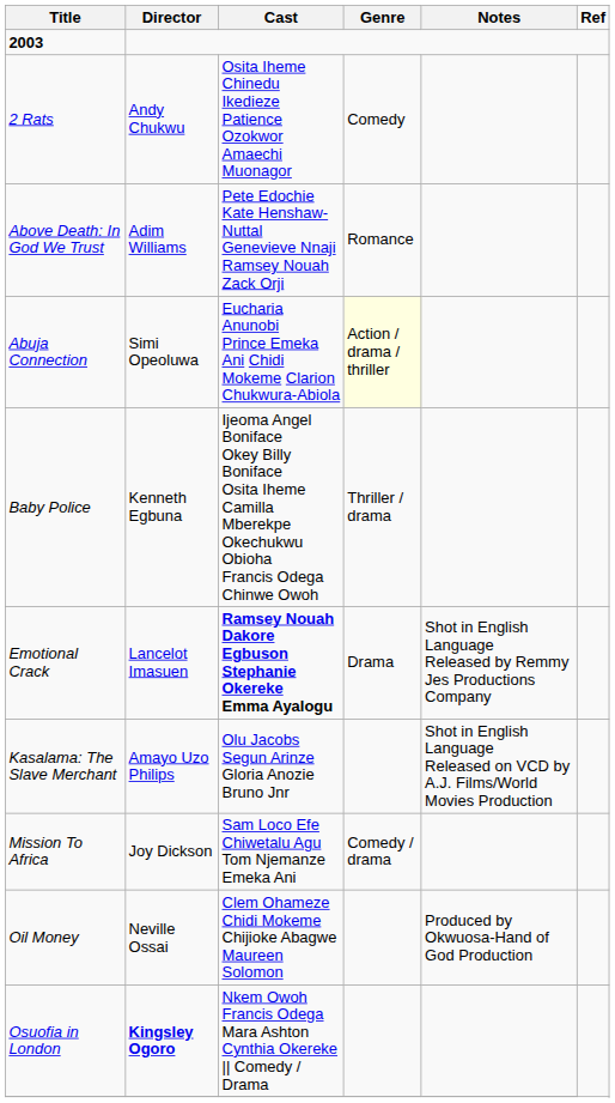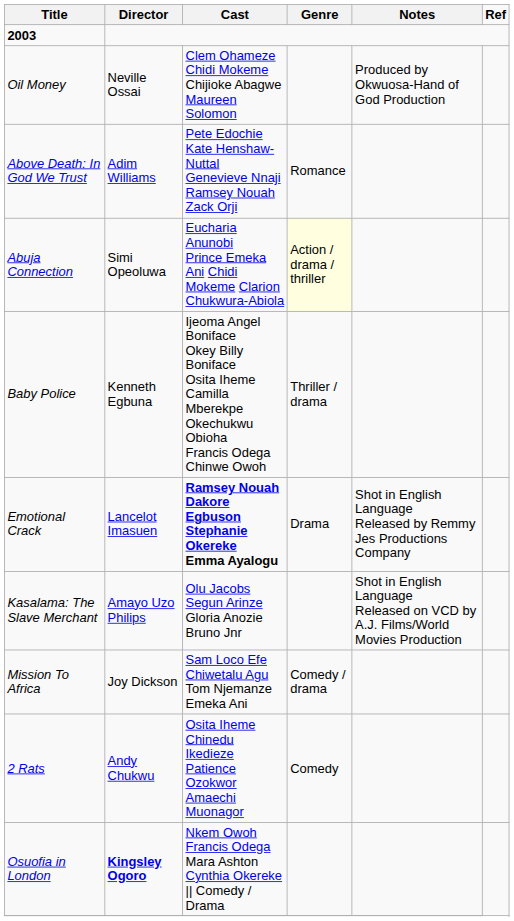 <table class="wikitable" width= "100%">
 <tr>
 <th width=21%>Title</th>
 <th width=16%>Director</th>
 <th width=22%>Cast</th>
 <th width=13%>Genre</th>
 <th width=28%>Notes</th>
 <td><strong>Ref</strong></td>
 </tr>
 <tr>
 <td><strong>2003</strong></td>
 </tr>
 <tr>
-<td><em><a href='#'>2 Rats</a></em></td>
-<td><a href='#'>Andy Chukwu</a></td>
-<td><a href='#'>Osita Iheme</a><br><a href='#'>Chinedu Ikedieze</a><br><a href='#'>Patience Ozokwor</a><br><a href='#'>Amaechi Muonagor</a></td>
-<td>Comedy</td>
+<td><em>Oil Money</em></td>
+<td>Neville Ossai</td>
+<td><a href='#'>Clem Ohameze</a><br><a href='#'>Chidi Mokeme</a><br>Chijioke Abagwe<br><a href='#'>Maureen Solomon</a></td>
 <td></td>
+<td>Produced by Okwuosa-Hand of God Production</td>
 <td></td>
 </tr>
 <tr>
 <td><em><a href='#'>Above Death: In God We Trust</a></em></td>
 <td><a href='#'>Adim Williams</a></td>
 <td><a href='#'>Pete Edochie</a><br><a href='#'>Kate Henshaw-Nuttal</a><br><a href='#'>Genevieve Nnaji</a><br><a href='#'>Ramsey Nouah</a><br><a href='#'>Zack Orji</a></td>
 <td>Romance</td>
 <td></td>
 <td></td>
 </tr>
 <tr>
 <td><em><a href='#'>Abuja Connection</a></em></td>
 <td>Simi Opeoluwa</td>
 <td><a href='#'>Eucharia Anunobi</a><br><a href='#'>Prince Emeka Ani</a> <a href='#'>Chidi Mokeme</a> <a href='#'>Clarion Chukwura-Abiola</a></td>
 <td style="background: lightyellow;">Action / drama / thriller</td>
 <td></td>
 <td></td>
 </tr>
 <tr>
 <td><em>Baby Police</em></td>
 <td>Kenneth Egbuna</td>
 <td>Ijeoma Angel Boniface<br>Okey Billy Boniface<br>Osita Iheme<br>Camilla Mberekpe<br>Okechukwu Obioha<br>Francis Odega<br>Chinwe Owoh</td>
 <td>Thriller / drama</td>
 <td></td>
 <td></td>
 </tr>
 <tr>
 <td><em>Emotional Crack</em></td>
 <td><a href='#'>Lancelot Imasuen</a></td>
 <td><strong><a href='#'>Ramsey Nouah</a><br><a href='#'>Dakore Egbuson</a><br><a href='#'>Stephanie Okereke</a><br>Emma Ayalogu</strong></td>
 <td>Drama</td>
 <td>Shot in English Language<br>Released by Remmy Jes Productions Company</td>
 <td></td>
 </tr>
 <tr>
 <td><em>Kasalama: The Slave Merchant</em></td>
 <td><a href='#'>Amayo Uzo Philips</a></td>
 <td><a href='#'>Olu Jacobs</a><br><a href='#'>Segun Arinze</a><br>Gloria Anozie<br>Bruno Jnr</td>
 <td></td>
 <td>Shot in English Language<br>Released on VCD by A.J. Films/World Movies Production</td>
 <td></td>
 </tr>
 <tr>
 <td><em>Mission To Africa</em></td>
 <td>Joy Dickson</td>
 <td><a href='#'>Sam Loco Efe</a><br><a href='#'>Chiwetalu Agu</a><br>Tom Njemanze<br>Emeka Ani</td>
 <td>Comedy / drama</td>
 <td></td>
 <td></td>
 </tr>
 <tr>
-<td><em>Oil Money</em></td>
-<td>Neville Ossai</td>
-<td><a href='#'>Clem Ohameze</a><br><a href='#'>Chidi Mokeme</a><br>Chijioke Abagwe<br><a href='#'>Maureen Solomon</a></td>
+<td><em><a href='#'>2 Rats</a></em></td>
+<td><a href='#'>Andy Chukwu</a></td>
+<td><a href='#'>Osita Iheme</a><br><a href='#'>Chinedu Ikedieze</a><br><a href='#'>Patience Ozokwor</a><br><a href='#'>Amaechi Muonagor</a></td>
+<td>Comedy</td>
 <td></td>
-<td>Produced by Okwuosa-Hand of God Production</td>
 <td></td>
 </tr>
 <tr>
 <td><em><a href='#'>Osuofia in London</a></em></td>
 <td><strong><a href='#'>Kingsley Ogoro</a></strong></td>
 <td><a href='#'>Nkem Owoh</a><br><a href='#'>Francis Odega</a> Mara Ashton <a href='#'>Cynthia Okereke</a> || Comedy / Drama</td>
 <td></td>
 <td></td>
 </tr>
 <tr>
 </tr>
 </table>
